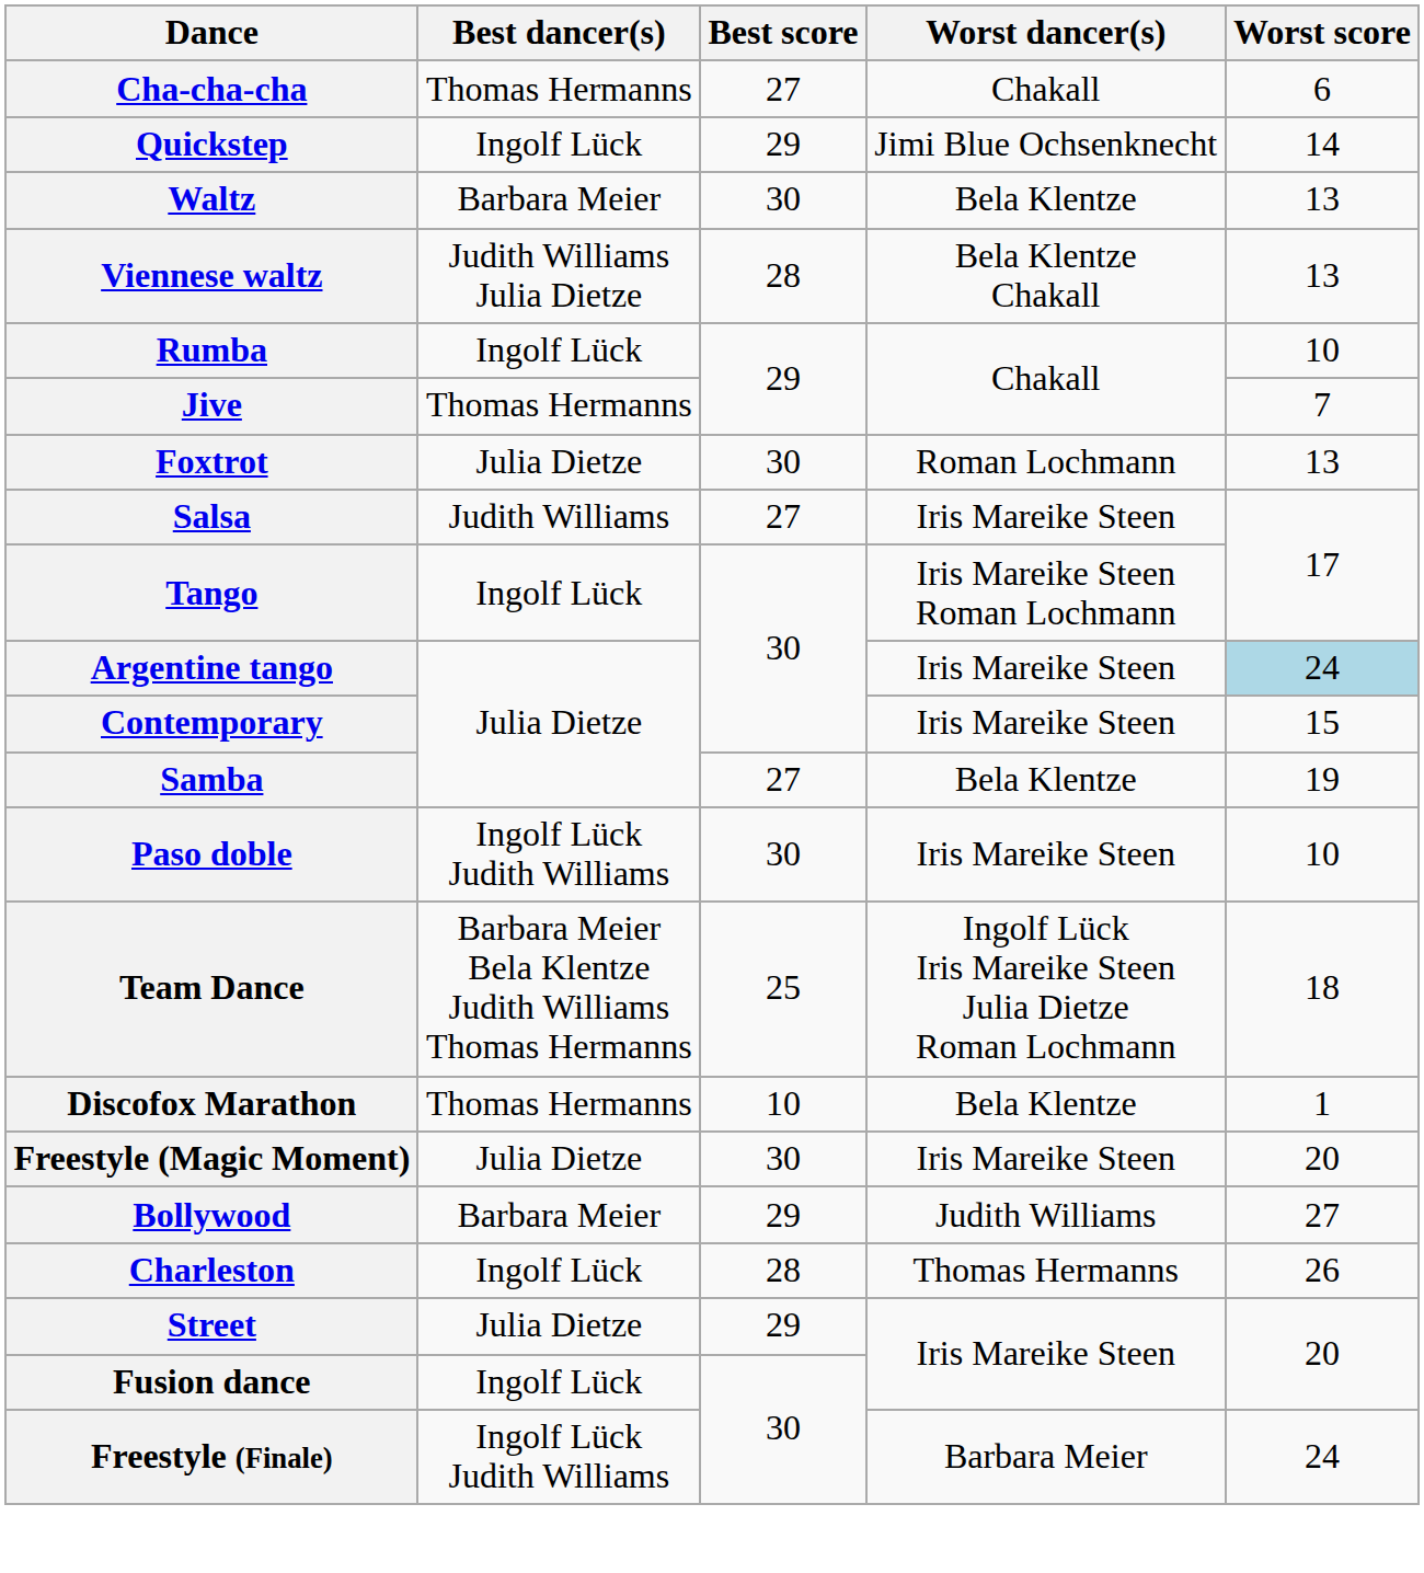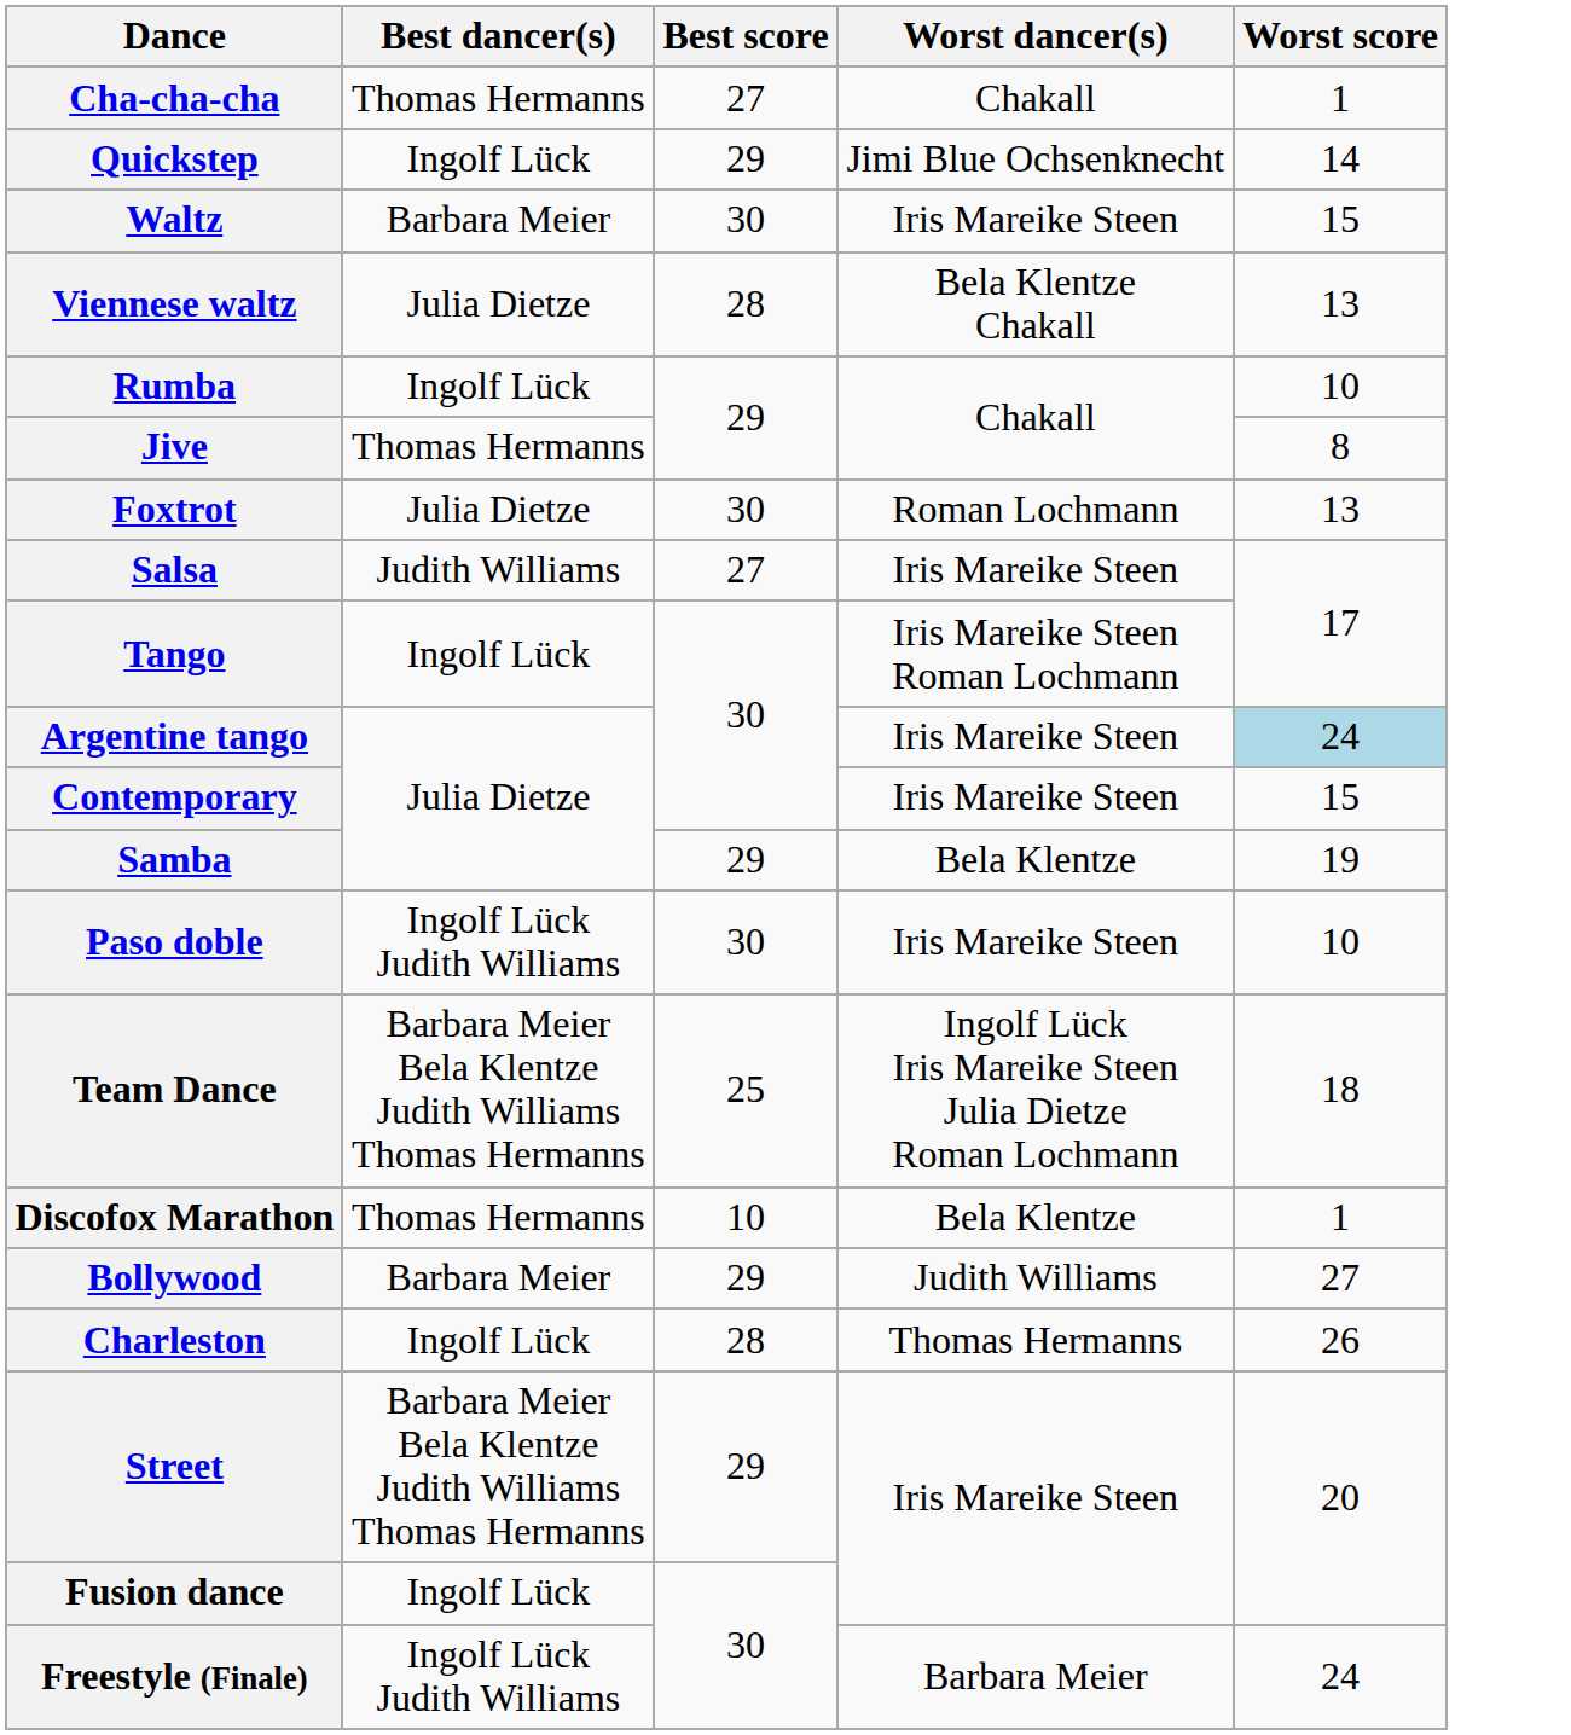 <table class="wikitable sortable" style="text-align:center;">
 <tr>
 <th>Dance</th>
 <th>Best dancer(s)</th>
 <th>Best score</th>
 <th>Worst dancer(s)</th>
 <th>Worst score</th>
 </tr>
 <tr>
 <th><a href='#'>Cha-cha-cha</a></th>
 <td>Thomas Hermanns</td>
 <td>27</td>
 <td>Chakall</td>
-<td>6</td>
+<td>1</td>
 </tr>
 <tr>
 <th><a href='#'>Quickstep</a></th>
 <td>Ingolf Lück</td>
 <td>29</td>
 <td>Jimi Blue Ochsenknecht</td>
 <td>14</td>
 </tr>
 <tr>
 <th><a href='#'>Waltz</a></th>
 <td>Barbara Meier</td>
 <td>30</td>
-<td>Bela Klentze</td>
-<td>13</td>
+<td>Iris Mareike Steen</td>
+<td>15</td>
 </tr>
 <tr>
 <th><a href='#'>Viennese waltz</a></th>
-<td>Judith Williams<br>Julia Dietze</td>
+<td>Julia Dietze</td>
 <td>28</td>
 <td>Bela Klentze<br>Chakall</td>
 <td>13</td>
 </tr>
 <tr>
 <th><a href='#'>Rumba</a></th>
 <td>Ingolf Lück</td>
 <td rowspan="2">29</td>
 <td rowspan="2">Chakall</td>
 <td>10</td>
 </tr>
 <tr>
 <th><a href='#'>Jive</a></th>
 <td>Thomas Hermanns</td>
-<td>7</td>
+<td>8</td>
 </tr>
 <tr>
 <th><a href='#'>Foxtrot</a></th>
 <td>Julia Dietze</td>
 <td>30</td>
 <td>Roman Lochmann</td>
 <td>13</td>
 </tr>
 <tr>
 <th><a href='#'>Salsa</a></th>
 <td>Judith Williams</td>
 <td>27</td>
 <td>Iris Mareike Steen</td>
 <td rowspan="2">17</td>
 </tr>
 <tr>
 <th><a href='#'>Tango</a></th>
 <td>Ingolf Lück</td>
 <td rowspan="3">30</td>
 <td>Iris Mareike Steen<br>Roman Lochmann</td>
 </tr>
 <tr>
 <th><a href='#'>Argentine tango</a></th>
 <td rowspan=3>Julia Dietze</td>
 <td>Iris Mareike Steen</td>
 <td style="background: lightblue;">24</td>
 </tr>
 <tr>
 <th><a href='#'>Contemporary</a></th>
 <td>Iris Mareike Steen</td>
 <td>15</td>
 </tr>
 <tr>
 <th><a href='#'>Samba</a></th>
-<td>27</td>
+<td>29</td>
 <td>Bela Klentze</td>
 <td>19</td>
 </tr>
 <tr>
 <th><a href='#'>Paso doble</a></th>
 <td>Ingolf Lück<br>Judith Williams</td>
 <td>30</td>
 <td>Iris Mareike Steen</td>
 <td>10</td>
 </tr>
 <tr>
 <th>Team Dance</th>
 <td>Barbara Meier<br>Bela Klentze<br>Judith Williams<br>Thomas Hermanns</td>
 <td>25</td>
 <td>Ingolf Lück<br>Iris Mareike Steen<br>Julia Dietze<br>Roman Lochmann</td>
 <td>18</td>
 </tr>
 <tr>
 <th>Discofox Marathon</th>
 <td>Thomas Hermanns</td>
 <td>10</td>
 <td>Bela Klentze</td>
 <td>1</td>
 </tr>
 <tr>
-<th>Freestyle (Magic Moment)</th>
-<td>Julia Dietze</td>
-<td>30</td>
-<td>Iris Mareike Steen</td>
-<td>20</td>
-</tr>
-<tr>
 <th><a href='#'>Bollywood</a></th>
 <td>Barbara Meier</td>
 <td>29</td>
 <td>Judith Williams</td>
 <td>27</td>
 </tr>
 <tr>
 <th><a href='#'>Charleston</a></th>
 <td>Ingolf Lück</td>
 <td>28</td>
 <td>Thomas Hermanns</td>
 <td>26</td>
 </tr>
 <tr>
 <th><a href='#'>Street</a></th>
-<td>Julia Dietze</td>
+<td>Barbara Meier<br>Bela Klentze<br>Judith Williams<br>Thomas Hermanns</td>
 <td>29</td>
 <td rowspan=2>Iris Mareike Steen</td>
 <td rowspan=2>20</td>
 </tr>
 <tr>
 <th>Fusion dance</th>
 <td>Ingolf Lück</td>
 <td rowspan="2">30</td>
 </tr>
 <tr>
 <th>Freestyle <small>(Finale)</small></th>
 <td>Ingolf Lück<br>Judith Williams</td>
 <td>Barbara Meier</td>
 <td>24</td>
 </tr>
 </table>
